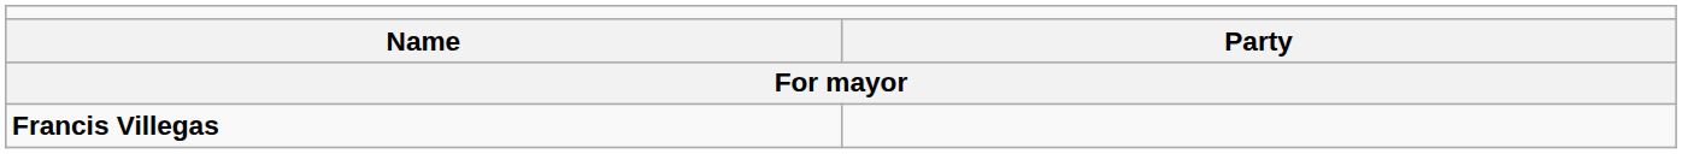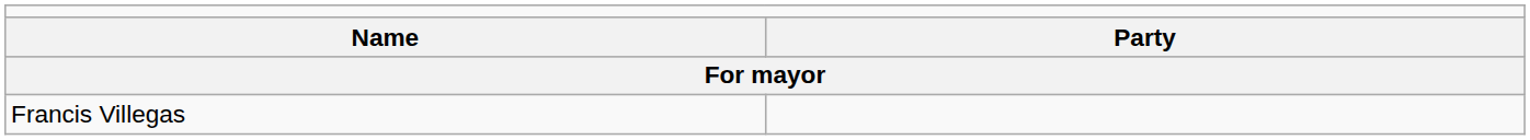 <table class=wikitable style="font-size:90%; width:100%">
 <tr>
 <td colspan=4 bgcolor=></td>
 </tr>
 <tr>
 <th width=50%>Name</th>
 <th colspan=2>Party</th>
 </tr>
 <tr>
 <th colspan=3>For mayor</th>
 </tr>
 <tr>
-<td><strong>Francis Villegas</strong></td>
+<td>Francis Villegas</td>
 <td></td>
 </tr>
 </table>
